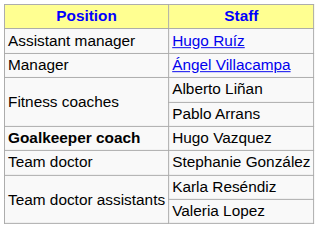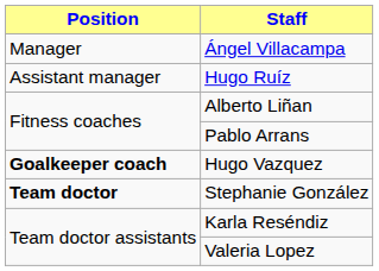 <table class="wikitable">
 <tr>
 <th style=background-color:#FFFF91;color:Blue>Position</th>
 <th style=background-color:#FFFF91;color:Blue>Staff</th>
 </tr>
 <tr>
+<td>Manager</td>
+<td> <a href='#'>Ángel Villacampa</a></td>
+</tr>
+<tr>
 <td>Assistant manager</td>
 <td> <a href='#'>Hugo Ruíz</a></td>
-</tr>
-<tr>
-<td>Manager</td>
-<td> <a href='#'>Ángel Villacampa</a></td>
 </tr>
 <tr>
 <td rowspan="2">Fitness coaches</td>
 <td> Alberto Liñan</td>
 </tr>
 <tr>
 <td> Pablo Arrans</td>
 </tr>
 <tr>
 <td><strong>Goalkeeper coach</strong></td>
 <td> Hugo Vazquez</td>
 </tr>
 <tr>
-<td>Team doctor</td>
+<td><strong>Team doctor</strong></td>
 <td> Stephanie González</td>
 </tr>
 <tr>
 <td rowspan="2">Team doctor assistants</td>
 <td> Karla Reséndiz</td>
 </tr>
 <tr>
 <td> Valeria Lopez</td>
 </tr>
 </table>
